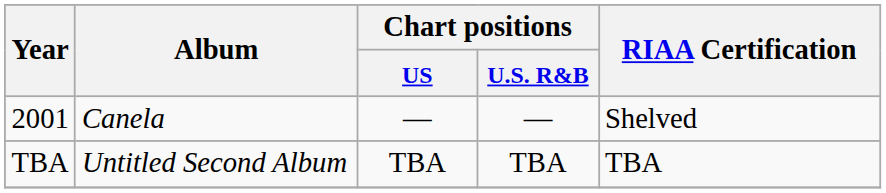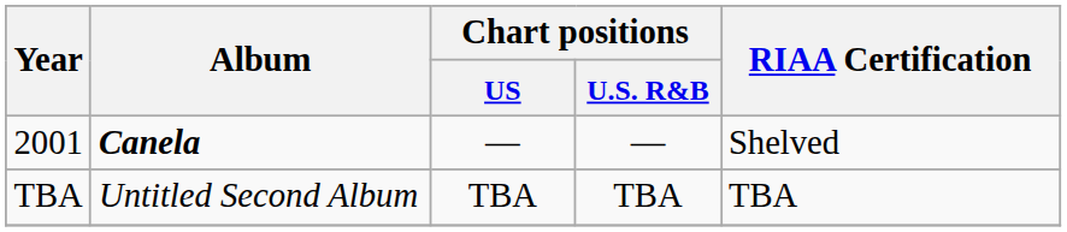 <table class="wikitable">
 <tr>
 <th align="center" rowspan="2">Year</th>
 <th align="center" rowspan="2" width="150">Album</th>
 <th align="center" colspan="2">Chart positions</th>
 <th align="center" rowspan="2" width="150"><a href='#'>RIAA</a> Certification</th>
 </tr>
 <tr>
 <th width="60"><small><a href='#'>US</a></small></th>
 <th width="60"><small><a href='#'>U.S. R&B</a></small></th>
 </tr>
 <tr>
 <td align="left" valign="top">2001</td>
-<td align="left" valign="top"><em>Canela</em></td>
+<td align="left" valign="top"><strong><em>Canela</em></strong></td>
 <td align="center" valign="top">—</td>
 <td align="center" valign="top">—</td>
 <td align="left" valign="top">Shelved</td>
 </tr>
 <tr>
 <td align="left" valign="top">TBA</td>
 <td align="left" valign="top"><em>Untitled Second Album</em></td>
 <td align="center" valign="top">TBA</td>
 <td align="center" valign="top">TBA</td>
 <td align="left" valign="top">TBA</td>
 </tr>
 <tr>
 </tr>
 </table>
